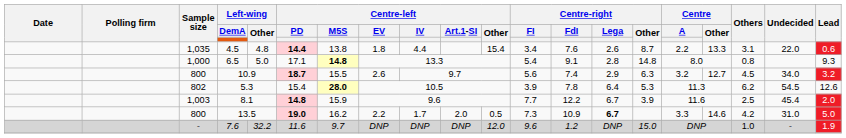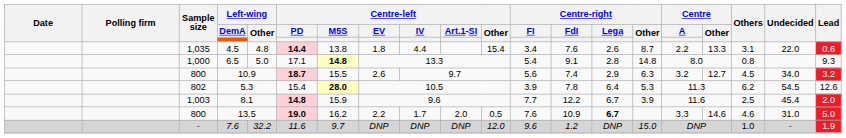 <table class=wikitable style="text-align:center;font-size:85%;line-height:13px">
 <tr style="height:30px; background-color:#E9E9E9">
 <th style="width:110px;" rowspan="3">Date</th>
 <th style="width:140px;" rowspan="3">Polling firm</th>
 <th style="width:50px;" rowspan="3">Sample size</th>
 <th colspan="2" style="width:35px;"><a href='#'>Left-wing</a></th>
 <th colspan="6" style="width:35px;"><a href='#'>Centre-left</a></th>
 <th colspan="4" style="width:35px;"><a href='#'>Centre-right</a></th>
 <th colspan="2" style="width:35px;"><a href='#'>Centre</a></th>
 <th style="width:35px;" rowspan="3">Others</th>
 <th style="width:35px;" rowspan="3">Undecided</th>
 <th style="width:25px;" rowspan="3">Lead</th>
 </tr>
 <tr>
 <th style="width:35px;"><a href='#'>DemA</a></th>
 <th rowspan="2" style="width:35px;">Other</th>
 <th style="width:55px;"><a href='#'>PD</a></th>
 <th style="width:55px;"><a href='#'>M5S</a></th>
 <th style="width:55px;"><a href='#'>EV</a></th>
 <th style="width:55px;"><a href='#'>IV</a></th>
 <th style="width:55px;"><a href='#'>Art.1</a>-<a href='#'>SI</a></th>
 <th rowspan="2" style="width:35px;">Other</th>
 <th style="width:55px;"><a href='#'>FI</a></th>
 <th style="width:55px;"><a href='#'>FdI</a></th>
 <th style="width:55px;"><a href='#'>Lega</a></th>
 <th rowspan="2" style="width:35px;">Other</th>
 <th style="width:55px;"><a href='#'>A</a></th>
 <th rowspan="2" style="width:35px;">Other</th>
 </tr>
 <tr>
 <th style="background:#E4590F;"></th>
 <th style="background:"></th>
 <th style="background:"></th>
 <th style="background:"></th>
 <th style="background:"></th>
 <th style="background:"></th>
 <th style="background:"></th>
 <th style="background:"></th>
 <th style="background:"></th>
 <th style="background:"></th>
 </tr>
 <tr>
 <td></td>
 <td></td>
 <td>1,035</td>
 <td>4.5</td>
 <td>4.8</td>
 <td style="background:#FFD0D7"><strong>14.4</strong></td>
 <td>13.8</td>
 <td>1.8</td>
 <td>4.4</td>
 <td></td>
 <td>15.4</td>
 <td>3.4</td>
 <td>7.6</td>
 <td>2.6</td>
 <td>8.7</td>
 <td>2.2</td>
 <td>13.3</td>
 <td>3.1</td>
 <td>22.0</td>
 <td style="background:#EF1C27; color:white;">0.6</td>
 </tr>
 <tr>
 <td></td>
 <td></td>
 <td>1,000</td>
 <td>6.5</td>
 <td>5.0</td>
 <td>17.1</td>
 <td style="background:#FFFFBF"><strong>14.8</strong></td>
 <td colspan=4>13.3</td>
 <td>5.4</td>
 <td>9.1</td>
 <td>2.8</td>
 <td>14.8</td>
 <td colspan=2>8.0</td>
 <td>0.8</td>
 <td></td>
 <td style="background:">9.3</td>
 </tr>
 <tr>
 <td></td>
 <td></td>
 <td>800</td>
 <td colspan=2>10.9</td>
 <td style="background:#FFD0D7"><strong>18.7</strong></td>
 <td>15.5</td>
 <td>2.6</td>
 <td colspan=3>9.7</td>
 <td>5.6</td>
 <td>7.4</td>
 <td>2.9</td>
 <td>6.3</td>
 <td>3.2</td>
 <td>12.7</td>
 <td>4.5</td>
 <td>34.0</td>
 <td style="background:#EF1C27; color:white;">3.2</td>
 </tr>
 <tr>
 <td></td>
 <td></td>
 <td>802</td>
 <td colspan=2>5.3</td>
 <td>15.4</td>
 <td style="background:#FFFFBF"><strong>28.0</strong></td>
 <td colspan=4>10.5</td>
 <td>3.9</td>
 <td>7.8</td>
 <td>6.4</td>
 <td>5.3</td>
 <td colspan=2>11.3</td>
 <td>6.2</td>
 <td>54.5</td>
 <td style="background:">12.6</td>
 </tr>
 <tr>
 <td></td>
 <td></td>
 <td>1,003</td>
 <td colspan=2>8.1</td>
 <td style="background:#FFD0D7"><strong>14.8</strong></td>
 <td>15.9</td>
 <td colspan=4>9.6</td>
 <td>7.7</td>
 <td>12.2</td>
 <td>6.7</td>
 <td>3.9</td>
 <td colspan=2>11.6</td>
 <td>2.5</td>
 <td>45.4</td>
 <td style="background:#EF1C27; color:white;">2.0</td>
 </tr>
 <tr>
 <td></td>
 <td></td>
 <td>800</td>
 <td colspan=2>13.5</td>
 <td style="background:#FFD0D7"><strong>19.0</strong></td>
 <td>16.2</td>
 <td>2.2</td>
 <td>1.7</td>
 <td>2.0</td>
 <td>0.5</td>
-<td>7.3</td>
+<td>7.6</td>
 <td>10.9</td>
 <td><strong>6.7</strong></td>
 <td></td>
 <td>3.3</td>
 <td>14.6</td>
-<td>4.2</td>
+<td>4.6</td>
 <td>31.0</td>
 <td style="background:#EF1C27; color:white;">5.0</td>
 </tr>
 <tr>
 <td style="background:#D5D5D5"></td>
 <td style="background:#D5D5D5"></td>
 <td style="background:#D5D5D5"><em>-</em></td>
 <td style="background:#D5D5D5"><em>7.6</em></td>
 <td style="background:#D5D5D5"><em>32.2</em></td>
 <td style="background:#D5D5D5"><em>11.6</em></td>
 <td style="background:#D5D5D5"><em>9.7</em></td>
 <td style="background:#D5D5D5"><em>DNP</em></td>
 <td style="background:#D5D5D5"><em>DNP</em></td>
 <td style="background:#D5D5D5"><em>DNP</em></td>
 <td style="background:#D5D5D5"><em>12.0</em></td>
 <td style="background:#D5D5D5"><em>9.6</em></td>
 <td style="background:#D5D5D5"><em>1.2</em></td>
 <td style="background:#D5D5D5"><em>DNP</em></td>
 <td style="background:#D5D5D5"><em>15.0</em></td>
 <td colspan=2 style="background:#D5D5D5"><em>DNP</em></td>
 <td style="background:#D5D5D5">1.0</td>
 <td style="background:#D5D5D5"><em>-</em></td>
 <td style="background:#EF1C27; color:white;">1.9</td>
 </tr>
 <tr>
 </tr>
 </table>
